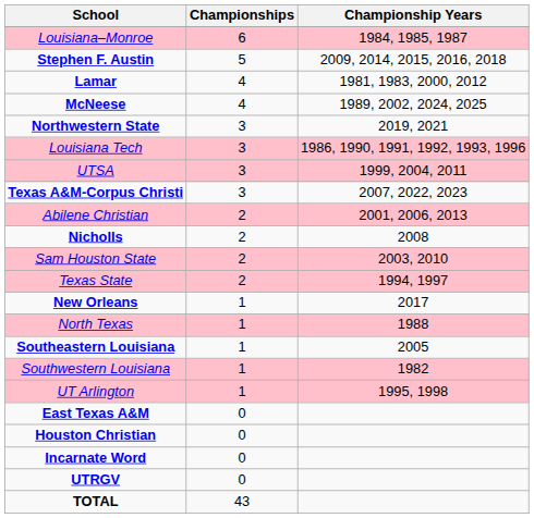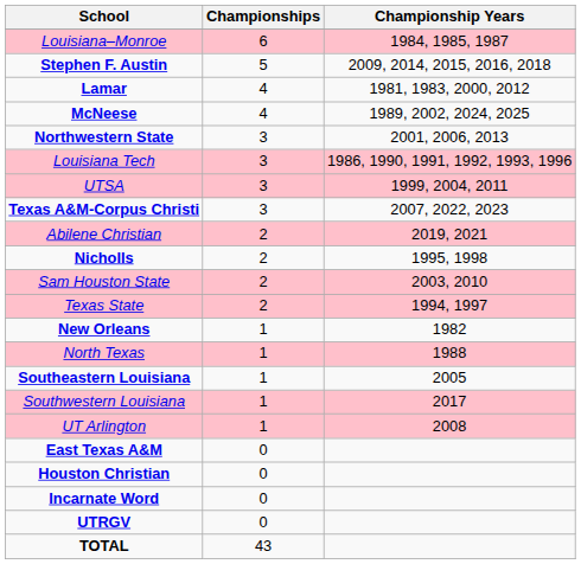 <table class="wikitable sortable" style="text-align:center">
 <tr>
 <th width=px>School</th>
 <th width=px>Championships</th>
 <th width=px>Championship Years</th>
 </tr>
 <tr>
 </tr>
 <tr bgcolor=pink>
 <td><em><a href='#'>Louisiana–Monroe</a></em></td>
 <td style="text-align:center;">6</td>
 <td>1984, 1985, 1987</td>
 </tr>
 <tr>
 <td><strong><a href='#'>Stephen F. Austin</a></strong></td>
 <td style="text-align:center;">5</td>
 <td>2009, 2014, 2015, 2016, 2018</td>
 </tr>
 <tr>
 <td><strong><a href='#'>Lamar</a></strong></td>
 <td style="text-align:center;">4</td>
 <td>1981, 1983, 2000, 2012</td>
 </tr>
 <tr>
 <td><strong><a href='#'>McNeese</a></strong></td>
 <td style="text-align:center;">4</td>
 <td>1989, 2002, 2024, 2025</td>
 </tr>
 <tr>
 <td><strong><a href='#'>Northwestern State</a></strong></td>
 <td style="text-align:center;">3</td>
-<td>2019, 2021</td>
+<td>2001, 2006, 2013</td>
 </tr>
 <tr bgcolor=pink>
 <td><em><a href='#'>Louisiana Tech</a></em></td>
 <td style="text-align:center;">3</td>
 <td>1986, 1990, 1991, 1992, 1993, 1996</td>
 </tr>
 <tr bgcolor=pink>
 <td><em><a href='#'>UTSA</a></em></td>
 <td style="text-align:center;">3</td>
 <td>1999, 2004, 2011</td>
 </tr>
 <tr>
 <td><strong><a href='#'>Texas A&M-Corpus Christi</a></strong></td>
 <td style="text-align:center;">3</td>
 <td>2007, 2022, 2023</td>
 </tr>
 <tr bgcolor=pink>
 <td><em><a href='#'>Abilene Christian</a></em></td>
 <td style="text-align:center;">2</td>
-<td>2001, 2006, 2013</td>
+<td>2019, 2021</td>
 </tr>
 <tr>
 <td><strong><a href='#'>Nicholls</a></strong></td>
 <td style="text-align:center;">2</td>
-<td>2008</td>
+<td>1995, 1998</td>
 </tr>
 <tr bgcolor=pink>
 <td><em><a href='#'>Sam Houston State</a></em></td>
 <td style="text-align:center;">2</td>
 <td>2003, 2010</td>
 </tr>
 <tr bgcolor=pink>
 <td><em><a href='#'>Texas State</a></em></td>
 <td style="text-align:center;">2</td>
 <td>1994, 1997</td>
 </tr>
 <tr>
 <td><strong><a href='#'>New Orleans</a></strong></td>
 <td style="text-align:center;">1</td>
-<td>2017</td>
+<td>1982</td>
 </tr>
 <tr bgcolor=pink>
 <td><em><a href='#'>North Texas</a></em></td>
 <td style="text-align:center;">1</td>
 <td>1988</td>
 </tr>
 <tr>
 <td><strong><a href='#'>Southeastern Louisiana</a></strong></td>
 <td style="text-align:center;">1</td>
 <td>2005</td>
 </tr>
 <tr bgcolor=pink>
 <td><em><a href='#'>Southwestern Louisiana</a></em></td>
 <td style="text-align:center;">1</td>
-<td>1982</td>
+<td>2017</td>
 </tr>
 <tr bgcolor=pink>
 <td><em><a href='#'>UT Arlington</a></em></td>
 <td style="text-align:center;">1</td>
-<td>1995, 1998</td>
+<td>2008</td>
 </tr>
 <tr>
 <td><strong><a href='#'>East Texas A&M</a></strong></td>
 <td style="text-align:center;">0</td>
 <td></td>
 </tr>
 <tr>
 <td><strong><a href='#'>Houston Christian</a></strong></td>
 <td style="text-align:center;">0</td>
 <td></td>
 </tr>
 <tr>
 <td><strong><a href='#'>Incarnate Word</a></strong></td>
 <td style="text-align:center;">0</td>
 <td></td>
 </tr>
 <tr>
 <td><strong><a href='#'>UTRGV</a></strong></td>
 <td style="text-align:center;">0</td>
 <td></td>
 </tr>
 <tr>
 <td><strong>TOTAL</strong></td>
 <td style="text-align:center;">43</td>
 <td></td>
 </tr>
 </table>
